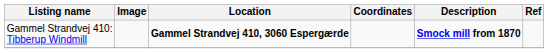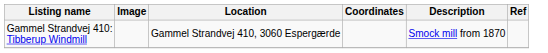 <table class="wikitable sortable">
 <tr>
 <th>Listing name</th>
 <th>Image</th>
 <th>Location</th>
 <th>Coordinates</th>
 <th>Description</th>
 <th>Ref</th>
 </tr>
 <tr>
 <td>Gammel Strandvej 410: <br><a href='#'>Tibberup Windmill</a></td>
 <td></td>
-<td><strong>Gammel Strandvej 410, 3060 Espergærde</strong></td>
+<td>Gammel Strandvej 410, 3060 Espergærde</td>
 <td></td>
-<td><strong><a href='#'>Smock mill</a> from 1870</strong></td>
+<td><a href='#'>Smock mill</a> from 1870</td>
 <td></td>
 </tr>
 <tr>
 </tr>
 </table>
